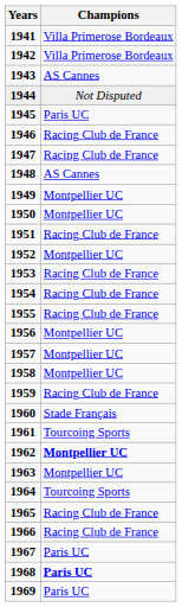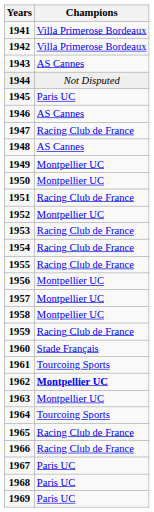 <table class="wikitable" style="display:inline-table;">
 <tr>
 <th>Years</th>
 <th>Champions</th>
 </tr>
 <tr>
 <td align="center"><strong>1941</strong></td>
 <td><a href='#'>Villa Primerose Bordeaux</a></td>
 </tr>
 <tr>
 <td align="center"><strong>1942</strong></td>
 <td><a href='#'>Villa Primerose Bordeaux</a></td>
 </tr>
 <tr>
 <td align="center"><strong>1943</strong></td>
 <td><a href='#'>AS Cannes</a></td>
 </tr>
 <tr bgcolor="efefef">
 <td align="center"><strong>1944</strong></td>
 <td align="center"><em>Not Disputed</em></td>
 </tr>
 <tr>
 <td align="center"><strong>1945</strong></td>
 <td><a href='#'>Paris UC</a></td>
 </tr>
 <tr>
 <td align="center"><strong>1946</strong></td>
-<td><a href='#'>Racing Club de France</a></td>
+<td><a href='#'>AS Cannes</a></td>
 </tr>
 <tr>
 <td align="center"><strong>1947</strong></td>
 <td><a href='#'>Racing Club de France</a></td>
 </tr>
 <tr>
 <td align="center"><strong>1948</strong></td>
 <td><a href='#'>AS Cannes</a></td>
 </tr>
 <tr>
 <td align="center"><strong>1949</strong></td>
 <td><a href='#'>Montpellier UC</a></td>
 </tr>
 <tr>
 <td align="center"><strong>1950</strong></td>
 <td><a href='#'>Montpellier UC</a></td>
 </tr>
 <tr>
 <td align="center"><strong>1951</strong></td>
 <td><a href='#'>Racing Club de France</a></td>
 </tr>
 <tr>
 <td align="center"><strong>1952</strong></td>
 <td><a href='#'>Montpellier UC</a></td>
 </tr>
 <tr>
 <td align="center"><strong>1953</strong></td>
 <td><a href='#'>Racing Club de France</a></td>
 </tr>
 <tr>
 <td align="center"><strong>1954</strong></td>
 <td><a href='#'>Racing Club de France</a></td>
 </tr>
 <tr>
 <td align="center"><strong>1955</strong></td>
 <td><a href='#'>Racing Club de France</a></td>
 </tr>
 <tr>
 <td align="center"><strong>1956</strong></td>
 <td><a href='#'>Montpellier UC</a></td>
 </tr>
 <tr>
 <td align="center"><strong>1957</strong></td>
 <td><a href='#'>Montpellier UC</a></td>
 </tr>
 <tr>
 <td align="center"><strong>1958</strong></td>
 <td><a href='#'>Montpellier UC</a></td>
 </tr>
 <tr>
 <td align="center"><strong>1959</strong></td>
 <td><a href='#'>Racing Club de France</a></td>
 </tr>
 <tr>
 <td align="center"><strong>1960</strong></td>
 <td><a href='#'>Stade Français</a></td>
 </tr>
 <tr>
 <td align="center"><strong>1961</strong></td>
 <td><a href='#'>Tourcoing Sports</a></td>
 </tr>
 <tr>
 <td align="center"><strong>1962</strong></td>
 <td><strong><a href='#'>Montpellier UC</a></strong></td>
 </tr>
 <tr>
 <td align="center"><strong>1963</strong></td>
 <td><a href='#'>Montpellier UC</a></td>
 </tr>
 <tr>
 <td align="center"><strong>1964</strong></td>
 <td><a href='#'>Tourcoing Sports</a></td>
 </tr>
 <tr>
 <td align="center"><strong>1965</strong></td>
 <td><a href='#'>Racing Club de France</a></td>
 </tr>
 <tr>
 <td align="center"><strong>1966</strong></td>
 <td><a href='#'>Racing Club de France</a></td>
 </tr>
 <tr>
 <td align="center"><strong>1967</strong></td>
 <td><a href='#'>Paris UC</a></td>
 </tr>
 <tr>
 <td align="center"><strong>1968</strong></td>
-<td><strong><a href='#'>Paris UC</a></strong></td>
+<td><a href='#'>Paris UC</a></td>
 </tr>
 <tr>
 <td align="center"><strong>1969</strong></td>
 <td><a href='#'>Paris UC</a></td>
 </tr>
 </table>
